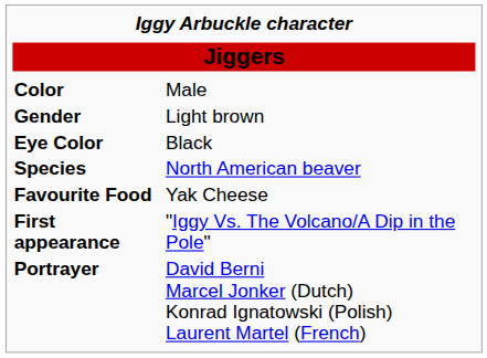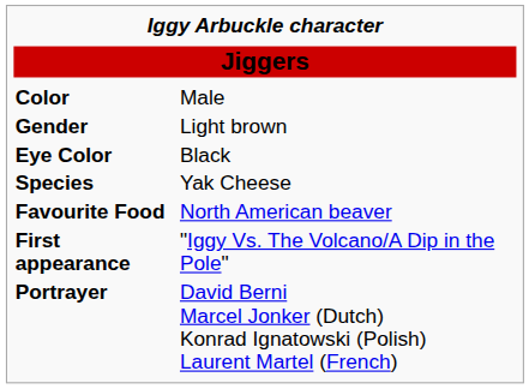 <table class="infobox" style="width: 25em;">
 <tr>
 <td colspan="2" style="text-align:center;"><strong><em>Iggy Arbuckle character</em></strong></td>
 </tr>
 <tr>
 <td colspan="2" style="text-align:center;"></td>
 </tr>
 <tr>
 <th colspan="2" style="font-size: larger; background-color:#c00; color:#000;"><strong>Jiggers</strong></th>
 </tr>
 <tr>
 <td colspan="2"></td>
 </tr>
 <tr>
 <td><strong>Color</strong></td>
 <td>Male</td>
 </tr>
 <tr>
 <td><strong>Gender</strong></td>
 <td>Light brown</td>
 </tr>
 <tr>
 <td><strong>Eye Color</strong></td>
 <td>Black</td>
 </tr>
 <tr>
 <td><strong>Species</strong></td>
-<td><a href='#'>North American beaver</a></td>
+<td>Yak Cheese</td>
 </tr>
 <tr>
 <td><strong>Favourite Food</strong></td>
-<td>Yak Cheese</td>
+<td><a href='#'>North American beaver</a></td>
 </tr>
 <tr>
 <td><strong>First appearance</strong></td>
 <td>"<a href='#'>Iggy Vs. The Volcano/A Dip in the Pole</a>"</td>
 </tr>
 <tr>
 <td><strong>Portrayer</strong></td>
 <td><a href='#'>David Berni</a><br><a href='#'>Marcel Jonker</a> (Dutch)<br>Konrad Ignatowski (Polish) <br><a href='#'>Laurent Martel</a> (<a href='#'>French</a>)</td>
 </tr>
 </table>
